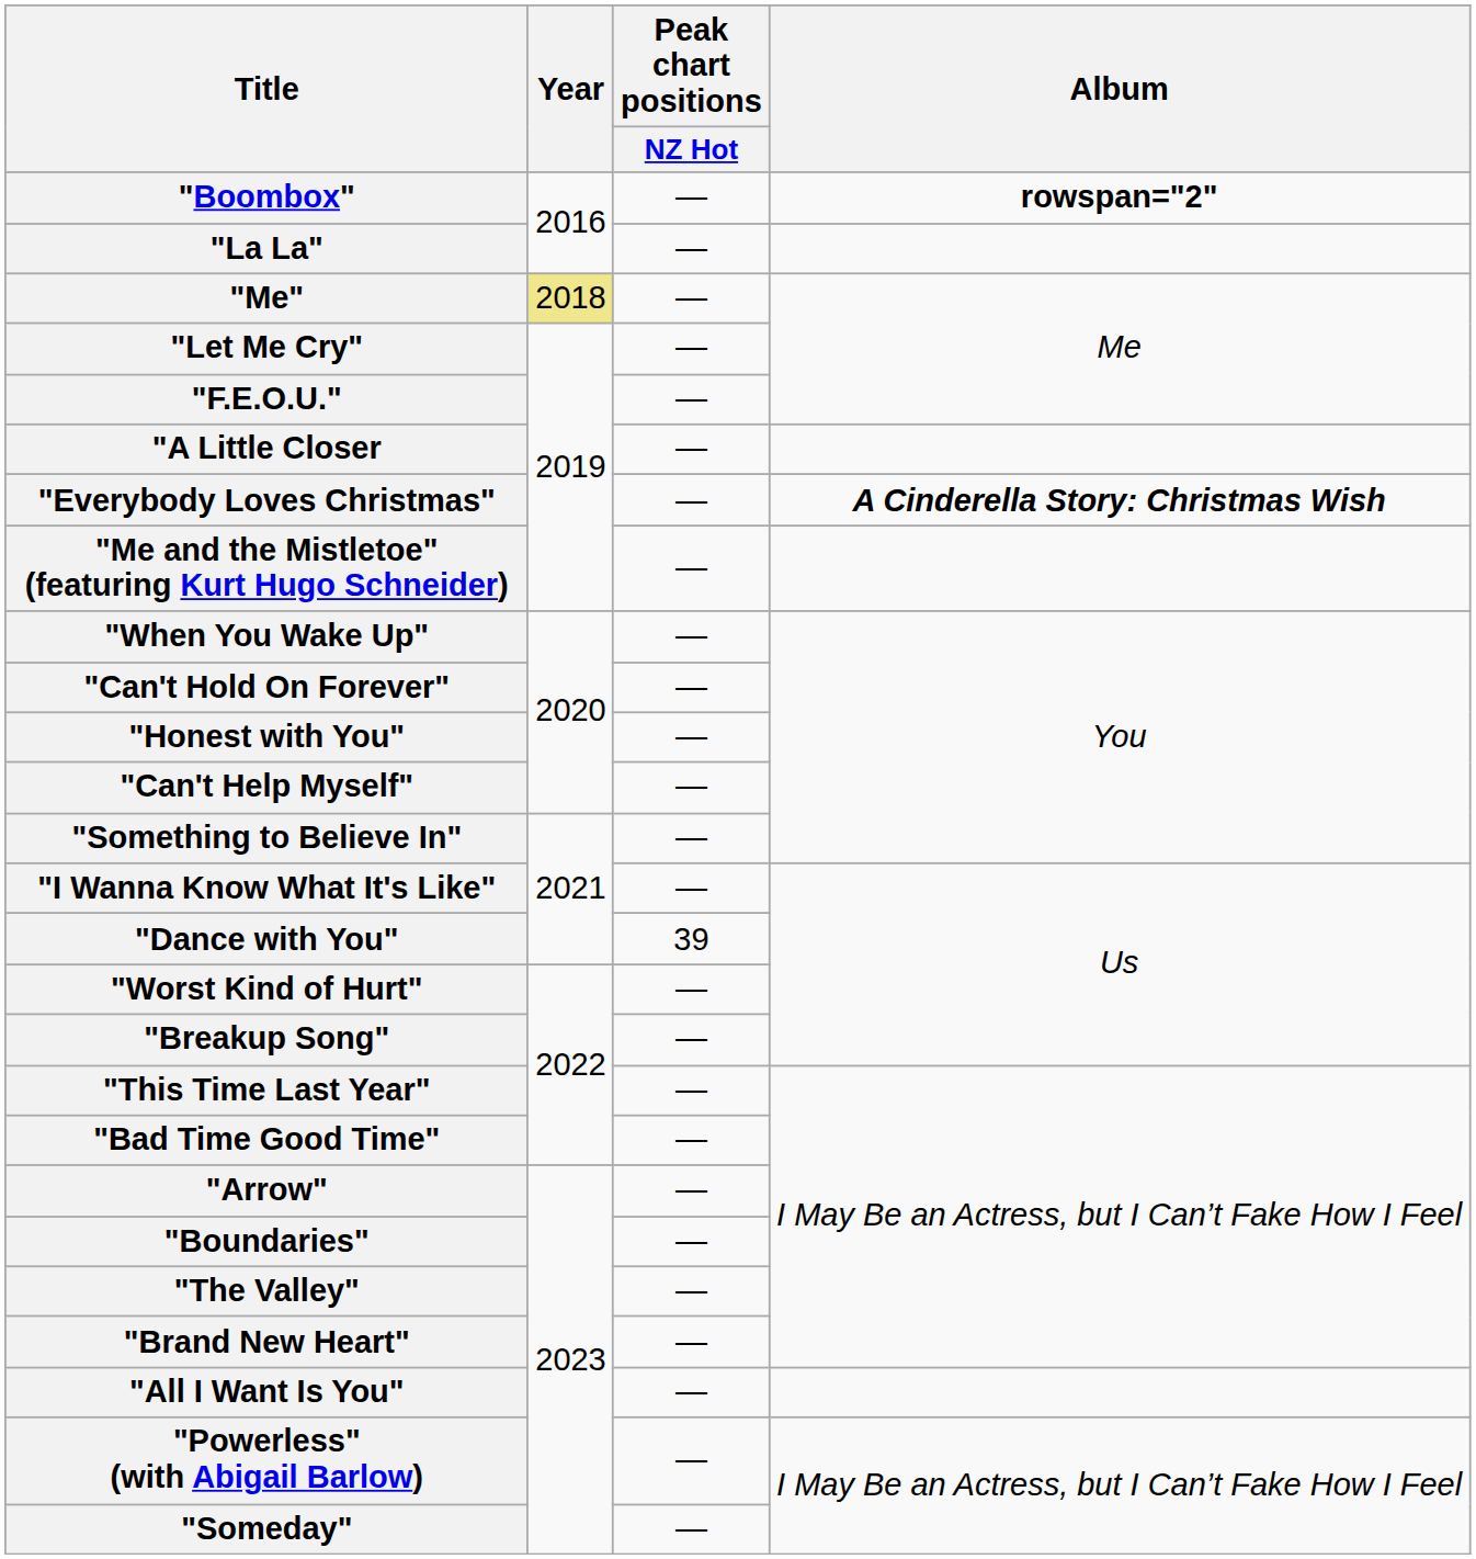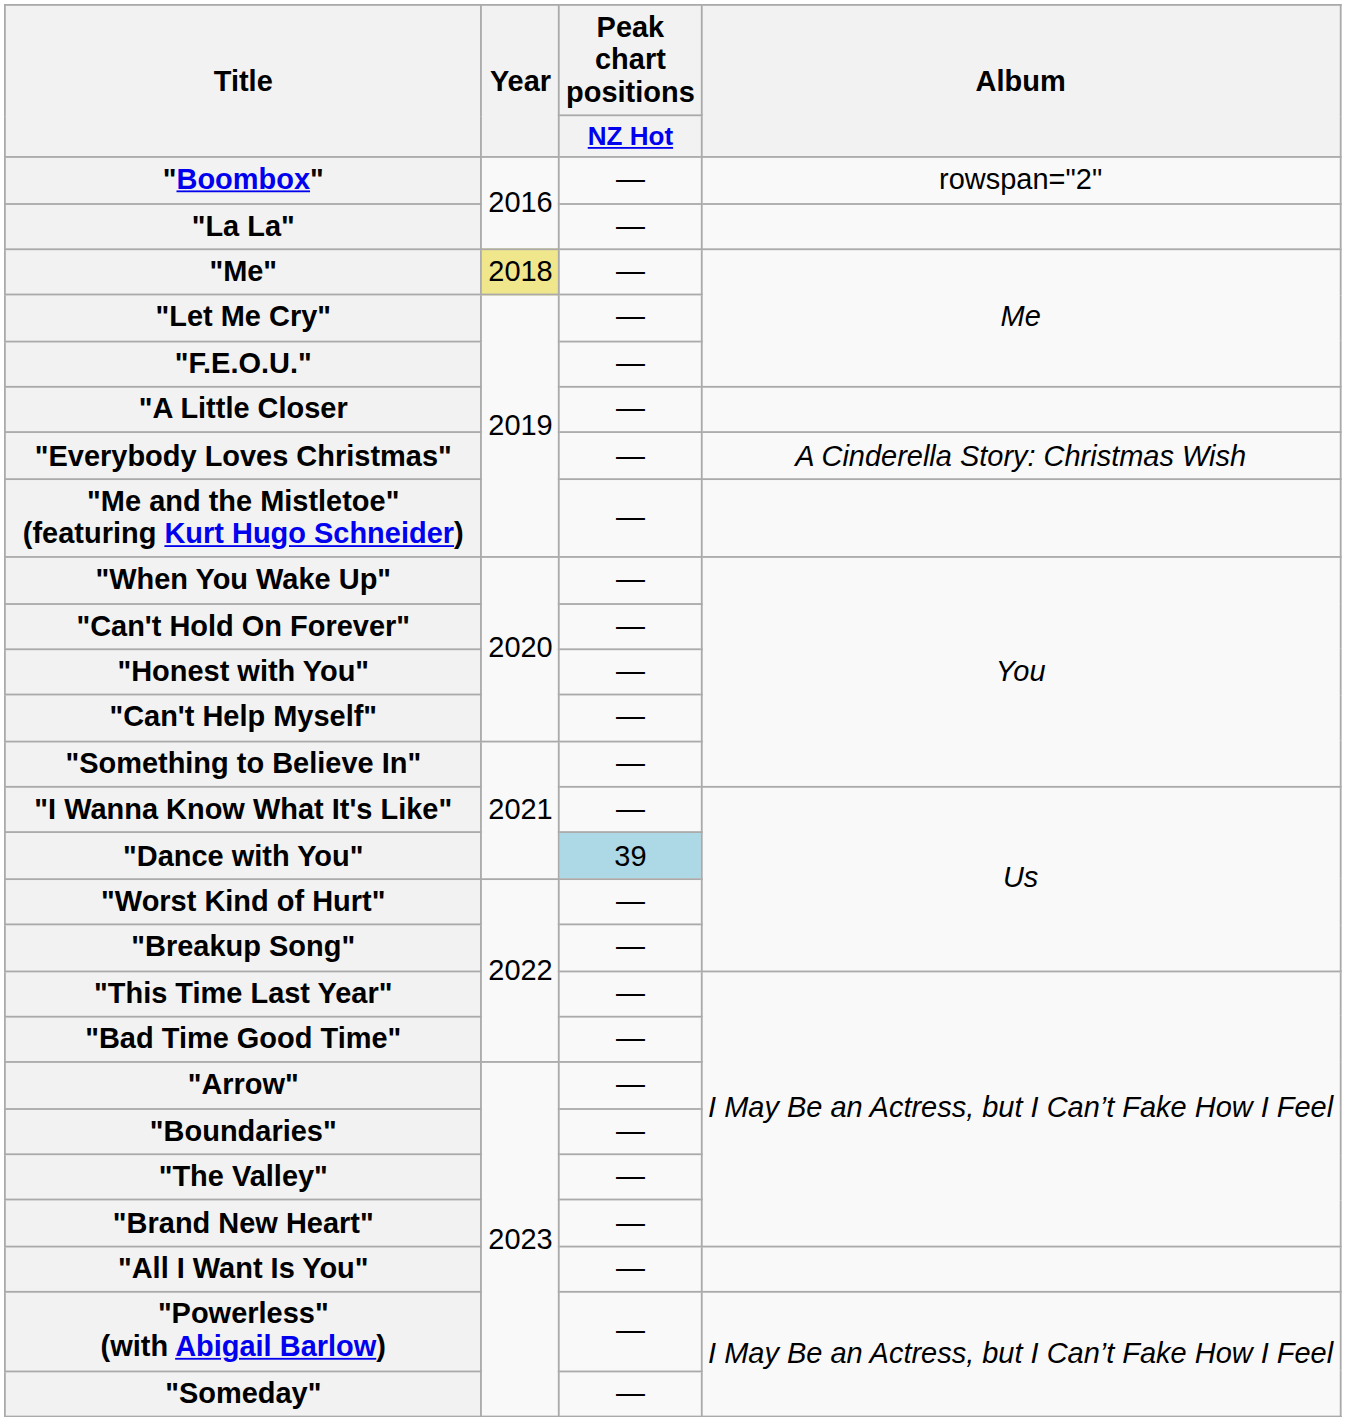 <table class="wikitable plainrowheaders" style="text-align:center;">
 <tr>
 <th scope="col" rowspan="2" style="width:16em;">Title</th>
 <th scope="col" rowspan="2">Year</th>
 <th scope="col" colspan="1">Peak chart positions</th>
 <th scope="col" rowspan="2">Album</th>
 </tr>
 <tr>
 <th scope="col" style="width:2.5em;font-size:90%;"><a href='#'>NZ Hot</a><br></th>
 </tr>
 <tr>
 <th scope="row">"<a href='#'>Boombox</a>"</th>
 <td rowspan="2">2016</td>
 <td>—</td>
-<td><strong>rowspan="2" </strong></td>
+<td>rowspan="2" </td>
 </tr>
 <tr>
 <th scope="row">"La La"</th>
 <td>—</td>
 </tr>
 <tr>
 <th scope="row">"Me"</th>
 <td style="background: khaki;">2018</td>
 <td>—</td>
 <td rowspan="3"><em>Me</em></td>
 </tr>
 <tr>
 <th scope="row">"Let Me Cry"</th>
 <td rowspan="5">2019</td>
 <td>—</td>
 </tr>
 <tr>
 <th scope="row">"F.E.O.U."</th>
 <td>—</td>
 </tr>
 <tr>
 <th scope="row">"A Little Closer</th>
 <td>—</td>
 <td></td>
 </tr>
 <tr>
 <th scope="row">"Everybody Loves Christmas"</th>
 <td>—</td>
-<td><strong><em>A Cinderella Story: Christmas Wish</em></strong></td>
+<td><em>A Cinderella Story: Christmas Wish</em></td>
 </tr>
 <tr>
 <th scope="row">"Me and the Mistletoe"<br><span>(featuring <a href='#'>Kurt Hugo Schneider</a>)</span></th>
 <td>—</td>
 <td></td>
 </tr>
 <tr>
 <th scope="row">"When You Wake Up"<br></th>
 <td rowspan="4">2020</td>
 <td>—</td>
 <td rowspan="5"><em>You</em></td>
 </tr>
 <tr>
 <th scope="row">"Can't Hold On Forever"<br></th>
 <td>—</td>
 </tr>
 <tr>
 <th scope="row">"Honest with You"<br></th>
 <td>—</td>
 </tr>
 <tr>
 <th scope="row">"Can't Help Myself"<br></th>
 <td>—</td>
 </tr>
 <tr>
 <th scope="row">"Something to Believe In"<br></th>
 <td rowspan="3">2021</td>
 <td>—</td>
 </tr>
 <tr>
 <th scope="row">"I Wanna Know What It's Like"</th>
 <td>—</td>
 <td rowspan="4"><em>Us</em></td>
 </tr>
 <tr>
 <th scope="row">"Dance with You"<br></th>
-<td>39</td>
+<td style="background: lightblue;">39</td>
 </tr>
 <tr>
 <th scope="row">"Worst Kind of Hurt"<br></th>
 <td rowspan="4">2022</td>
 <td>—</td>
 </tr>
 <tr>
 <th scope="row">"Breakup Song"</th>
 <td>—</td>
 </tr>
 <tr>
 <th scope="row">"This Time Last Year"</th>
 <td>—</td>
 <td rowspan="6"><em>I May Be an Actress, but I Can’t Fake How I Feel</em></td>
 </tr>
 <tr>
 <th scope="row">"Bad Time Good Time"</th>
 <td>—</td>
 </tr>
 <tr>
 <th scope="row">"Arrow"</th>
 <td rowspan="7">2023</td>
 <td>—</td>
 </tr>
 <tr>
 <th scope="row">"Boundaries"</th>
 <td>—</td>
 </tr>
 <tr>
 <th scope="row">"The Valley"<br></th>
 <td>—</td>
 </tr>
 <tr>
 <th scope="row">"Brand New Heart"</th>
 <td>—</td>
 </tr>
 <tr>
 <th scope="row">"All I Want Is You"</th>
 <td>—</td>
 <td></td>
 </tr>
 <tr>
 <th scope="row">"Powerless"<br><span>(with <a href='#'>Abigail Barlow</a>)</span></th>
 <td>—</td>
 <td rowspan="2"><em>I May Be an Actress, but I Can’t Fake How I Feel</em></td>
 </tr>
 <tr>
 <th scope="row">"Someday"</th>
 <td>—</td>
 </tr>
 <tr>
 </tr>
 </table>
